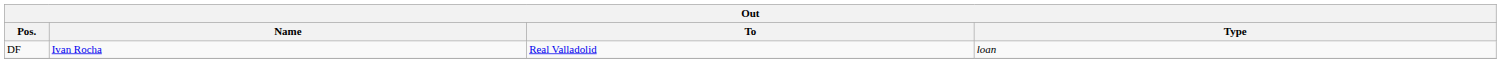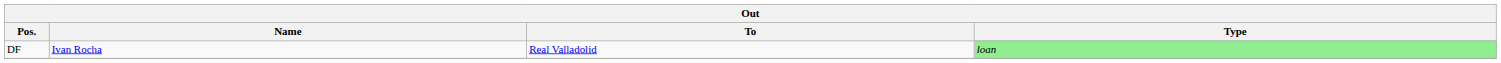 <table class="wikitable" style="font-size:90%;width:99%;">
 <tr>
 <th colspan="4">Out</th>
 </tr>
 <tr>
 <th width=3%>Pos.</th>
 <th width=32%>Name</th>
 <th width=30%>To</th>
 <th width=35%>Type</th>
 </tr>
 <tr>
 <td>DF</td>
 <td><a href='#'>Ivan Rocha</a></td>
 <td><a href='#'>Real Valladolid</a></td>
-<td><em>loan</em></td>
+<td style="background: lightgreen;"><em>loan</em></td>
 </tr>
 <tr>
 </tr>
 </table>
